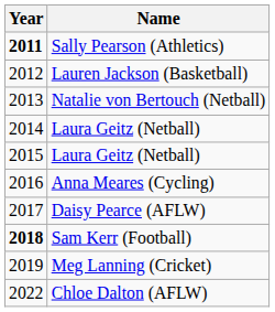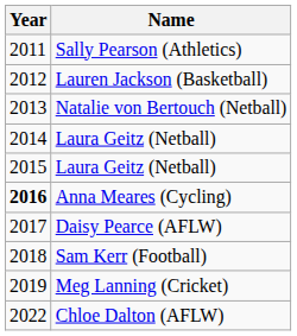 <table class="wikitable sortable">
 <tr>
 <th>Year</th>
 <th>Name</th>
 </tr>
 <tr>
-<td><strong>2011</strong></td>
+<td>2011</td>
 <td><a href='#'>Sally Pearson</a> (Athletics)</td>
 </tr>
 <tr>
 <td>2012</td>
 <td><a href='#'>Lauren Jackson</a> (Basketball)</td>
 </tr>
 <tr>
 <td>2013</td>
 <td><a href='#'>Natalie von Bertouch</a> (Netball)</td>
 </tr>
 <tr>
 <td>2014</td>
 <td><a href='#'>Laura Geitz</a> (Netball)</td>
 </tr>
 <tr>
 <td>2015</td>
 <td><a href='#'>Laura Geitz</a> (Netball)</td>
 </tr>
 <tr>
-<td>2016</td>
+<td><strong>2016</strong></td>
 <td><a href='#'>Anna Meares</a> (Cycling)</td>
 </tr>
 <tr>
 <td>2017</td>
 <td><a href='#'>Daisy Pearce</a> (AFLW)</td>
 </tr>
 <tr>
-<td><strong>2018</strong></td>
+<td>2018</td>
 <td><a href='#'>Sam Kerr</a> (Football)</td>
 </tr>
 <tr>
 <td>2019</td>
 <td><a href='#'>Meg Lanning</a> (Cricket)</td>
 </tr>
 <tr>
 <td>2022</td>
 <td><a href='#'>Chloe Dalton</a> (AFLW)</td>
 </tr>
 </table>
